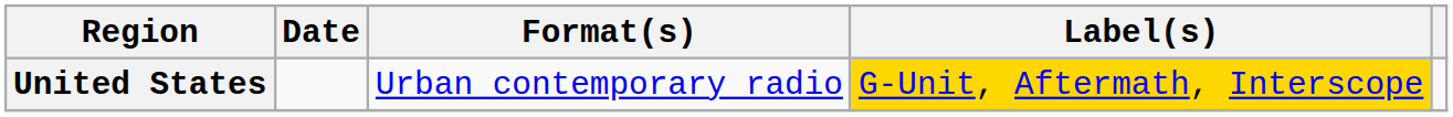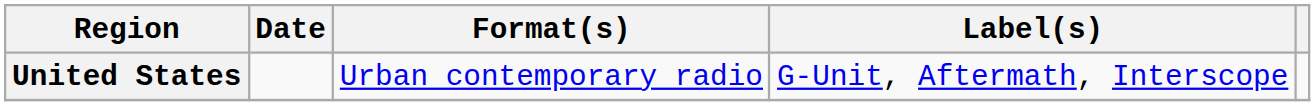 <table class="wikitable plainrowheaders">
 <tr>
 <th scope="col">Region</th>
 <th scope="col">Date</th>
 <th scope="col">Format(s)</th>
 <th scope="col">Label(s)</th>
 <th scope="col"></th>
 </tr>
 <tr>
 <th scope="row">United States</th>
 <td></td>
 <td><a href='#'>Urban contemporary radio</a></td>
-<td style="background: gold;"><a href='#'>G-Unit</a>, <a href='#'>Aftermath</a>, <a href='#'>Interscope</a></td>
+<td><a href='#'>G-Unit</a>, <a href='#'>Aftermath</a>, <a href='#'>Interscope</a></td>
 <td align="center"></td>
 </tr>
 <tr>
 </tr>
 </table>
